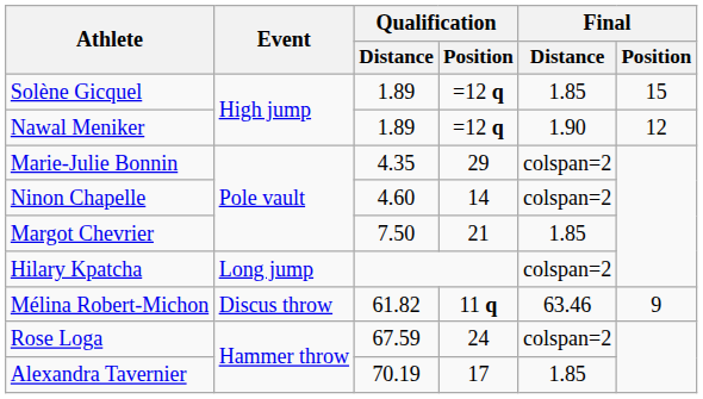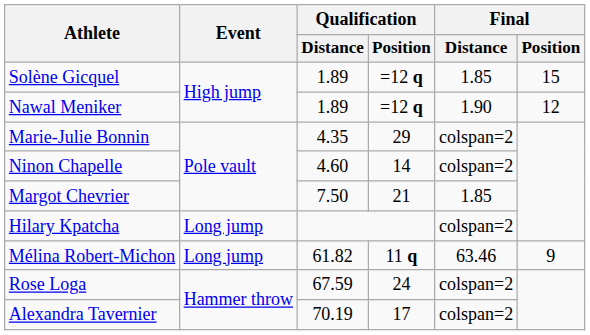 <table class=wikitable style=font-size:90%>
 <tr>
 <th rowspan=2>Athlete</th>
 <th rowspan=2>Event</th>
 <th colspan=2>Qualification</th>
 <th colspan=2>Final</th>
 </tr>
 <tr style=font-size:95%>
 <th>Distance</th>
 <th>Position</th>
 <th>Distance</th>
 <th>Position</th>
 </tr>
 <tr align=center>
 <td align=left><a href='#'>Solène Gicquel</a></td>
 <td align=left rowspan=2><a href='#'>High jump</a></td>
 <td>1.89</td>
 <td>=12 <strong>q</strong></td>
 <td>1.85</td>
 <td>15</td>
 </tr>
 <tr align=center>
 <td align=left><a href='#'>Nawal Meniker</a></td>
 <td>1.89</td>
 <td>=12 <strong>q</strong></td>
 <td>1.90</td>
 <td>12</td>
 </tr>
 <tr align=center>
 <td align=left><a href='#'>Marie-Julie Bonnin</a></td>
 <td align=left rowspan=3><a href='#'>Pole vault</a></td>
 <td>4.35</td>
 <td>29</td>
 <td>colspan=2 </td>
 </tr>
 <tr align=center>
 <td align=left><a href='#'>Ninon Chapelle</a></td>
 <td>4.60 </td>
 <td>14</td>
 <td>colspan=2 </td>
 </tr>
 <tr align=center>
 <td align=left><a href='#'>Margot Chevrier</a></td>
 <td>7.50</td>
 <td>21</td>
 <td>1.85</td>
 </tr>
 <tr align=center>
 <td align=left><a href='#'>Hilary Kpatcha</a></td>
 <td align=left><a href='#'>Long jump</a></td>
 <td colspan=2></td>
 <td>colspan=2 </td>
 </tr>
 <tr align=center>
 <td align=left><a href='#'>Mélina Robert-Michon</a></td>
-<td align=left><a href='#'>Discus throw</a></td>
+<td align=left><a href='#'>Long jump</a></td>
 <td>61.82</td>
 <td>11 <strong>q</strong></td>
 <td>63.46</td>
 <td>9</td>
 </tr>
 <tr align=center>
 <td align=left><a href='#'>Rose Loga</a></td>
 <td align=left rowspan=2><a href='#'>Hammer throw</a></td>
 <td>67.59</td>
 <td>24</td>
 <td>colspan=2 </td>
 </tr>
 <tr align=center>
 <td align=left><a href='#'>Alexandra Tavernier</a></td>
 <td>70.19</td>
 <td>17</td>
-<td>1.85</td>
+<td>colspan=2 </td>
 </tr>
 </table>
